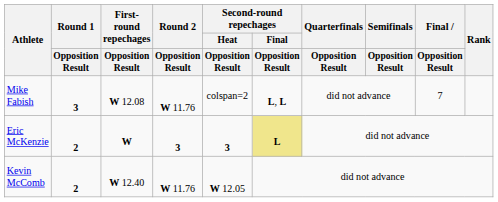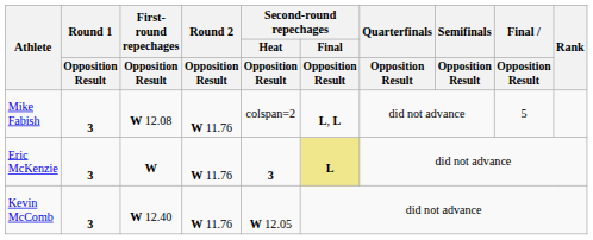 <table class="wikitable" style="font-size:90%;text-align:center;">
 <tr>
 <th rowspan=3>Athlete</th>
 <th rowspan=2>Round 1</th>
 <th rowspan=2>First-round<br>repechages</th>
 <th rowspan=2>Round 2</th>
 <th colspan=2>Second-round<br>repechages</th>
 <th rowspan=2>Quarterfinals</th>
 <th rowspan=2>Semifinals</th>
 <th rowspan=2>Final / </th>
 <th rowspan=3>Rank</th>
 </tr>
 <tr style="font-size:95%">
 <th>Heat</th>
 <th>Final</th>
 </tr>
 <tr style="font-size:95%">
 <th>Opposition<br>Result</th>
 <th>Opposition<br>Result</th>
 <th>Opposition<br>Result</th>
 <th>Opposition<br>Result</th>
 <th>Opposition<br>Result</th>
 <th>Opposition<br>Result</th>
 <th>Opposition<br>Result</th>
 <th>Opposition<br>Result</th>
 </tr>
 <tr>
 <td style="text-align:left;"><a href='#'>Mike Fabish</a></td>
 <td><br><br><strong>3</strong></td>
 <td><br><strong>W</strong> 12.08</td>
 <td><br><br><strong>W</strong> 11.76</td>
 <td>colspan=2 </td>
 <td><br><strong>L</strong>, <strong>L</strong></td>
 <td colspan=2>did not advance</td>
-<td>7</td>
+<td>5</td>
 </tr>
 <tr>
 <td style="text-align:left;"><a href='#'>Eric McKenzie</a></td>
-<td><br><br><strong>2</strong></td>
+<td><br><br><strong>3</strong></td>
 <td><br><strong>W</strong> </td>
-<td><br><br><strong>3</strong></td>
+<td><br><br><strong>W</strong> 11.76</td>
 <td><br><br><strong>3</strong></td>
 <td style="background: khaki;"><br><strong>L</strong></td>
 <td colspan=4>did not advance</td>
 </tr>
 <tr>
 <td style="text-align:left;"><a href='#'>Kevin McComb</a></td>
-<td><br><br><strong>2</strong></td>
+<td><br><br><strong>3</strong></td>
 <td><br><strong>W</strong> 12.40</td>
 <td><br><br><strong>W</strong> 11.76</td>
 <td><br><br><strong>W</strong> 12.05</td>
 <td colspan=5>did not advance</td>
 </tr>
 </table>
